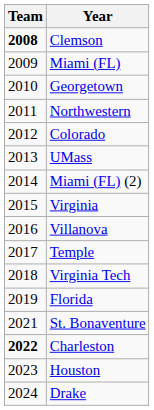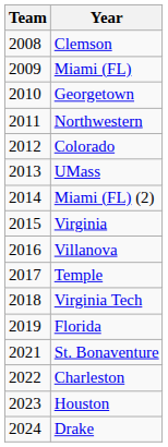 <table class="wikitable">
 <tr>
 <th>Team</th>
 <th>Year</th>
 </tr>
 <tr>
-<td><strong>2008</strong></td>
+<td>2008</td>
 <td><a href='#'>Clemson</a></td>
 </tr>
 <tr>
 <td>2009</td>
 <td><a href='#'>Miami (FL)</a></td>
 </tr>
 <tr>
 <td>2010</td>
 <td><a href='#'>Georgetown</a></td>
 </tr>
 <tr>
 <td>2011</td>
 <td><a href='#'>Northwestern</a></td>
 </tr>
 <tr>
 <td>2012</td>
 <td><a href='#'>Colorado</a></td>
 </tr>
 <tr>
 <td>2013</td>
 <td><a href='#'>UMass</a></td>
 </tr>
 <tr>
 <td>2014</td>
 <td><a href='#'>Miami (FL)</a> (2)</td>
 </tr>
 <tr>
 <td>2015</td>
 <td><a href='#'>Virginia</a></td>
 </tr>
 <tr>
 <td>2016</td>
 <td><a href='#'>Villanova</a></td>
 </tr>
 <tr>
 <td>2017</td>
 <td><a href='#'>Temple</a></td>
 </tr>
 <tr>
 <td>2018</td>
 <td><a href='#'>Virginia Tech</a></td>
 </tr>
 <tr>
 <td>2019</td>
 <td><a href='#'>Florida</a></td>
 </tr>
 <tr>
 <td>2021</td>
 <td><a href='#'>St. Bonaventure</a></td>
 </tr>
 <tr>
-<td><strong>2022</strong></td>
+<td>2022</td>
 <td><a href='#'>Charleston</a></td>
 </tr>
 <tr>
 <td>2023</td>
 <td><a href='#'>Houston</a></td>
 </tr>
 <tr>
 <td>2024</td>
 <td><a href='#'>Drake</a></td>
 </tr>
 </table>
